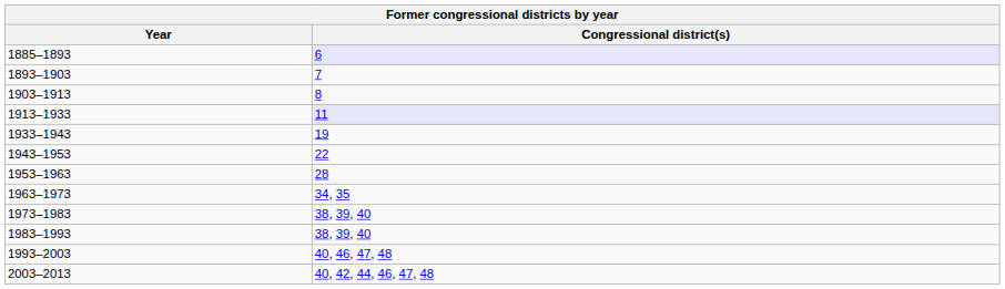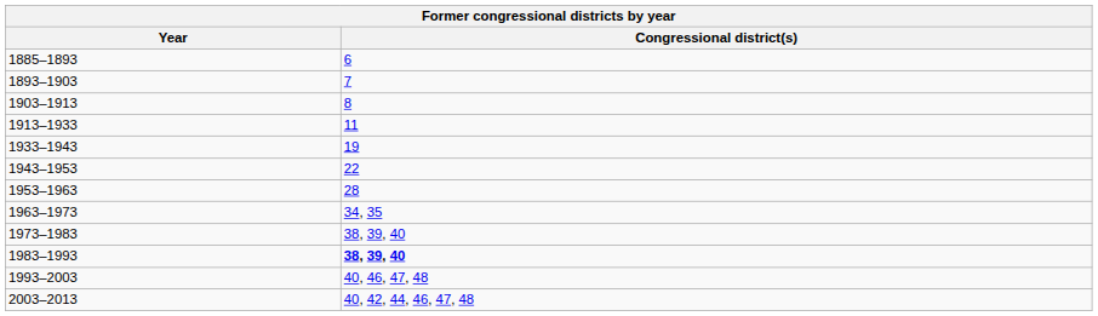 <table class="wikitable collapsible collapsed sortable" style="width: 100%;">
 <tr>
 <th colspan="2">Former congressional districts by year</th>
 </tr>
 <tr>
 <th>Year</th>
 <th data-sort-type="number">Congressional district(s)</th>
 </tr>
 <tr>
 <td>1885–1893</td>
-<td style="background: lavender;"><a href='#'>6</a></td>
+<td><a href='#'>6</a></td>
 </tr>
 <tr>
 <td>1893–1903</td>
 <td><a href='#'>7</a></td>
 </tr>
 <tr>
 <td>1903–1913</td>
 <td><a href='#'>8</a></td>
 </tr>
 <tr>
 <td>1913–1933</td>
-<td style="background: lavender;"><a href='#'>11</a></td>
+<td><a href='#'>11</a></td>
 </tr>
 <tr>
 <td>1933–1943</td>
 <td><a href='#'>19</a></td>
 </tr>
 <tr>
 <td>1943–1953</td>
 <td><a href='#'>22</a></td>
 </tr>
 <tr>
 <td>1953–1963</td>
 <td><a href='#'>28</a></td>
 </tr>
 <tr>
 <td>1963–1973</td>
 <td><a href='#'>34</a>, <a href='#'>35</a></td>
 </tr>
 <tr>
 <td>1973–1983</td>
 <td><a href='#'>38</a>, <a href='#'>39</a>, <a href='#'>40</a></td>
 </tr>
 <tr>
 <td>1983–1993</td>
-<td><a href='#'>38</a>, <a href='#'>39</a>, <a href='#'>40</a></td>
+<td><strong><a href='#'>38</a>, <a href='#'>39</a>, <a href='#'>40</a></strong></td>
 </tr>
 <tr>
 <td>1993–2003</td>
 <td><a href='#'>40</a>, <a href='#'>46</a>, <a href='#'>47</a>, <a href='#'>48</a></td>
 </tr>
 <tr>
 <td>2003–2013</td>
 <td><a href='#'>40</a>, <a href='#'>42</a>, <a href='#'>44</a>, <a href='#'>46</a>, <a href='#'>47</a>, <a href='#'>48</a></td>
 </tr>
 </table>
